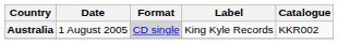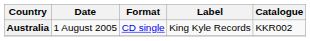 <table class="wikitable plainrowheaders">
 <tr>
 <th scope="col">Country</th>
 <th scope="col">Date</th>
 <th scope="col">Format</th>
 <th scope="col">Label</th>
 <th scope="col">Catalogue</th>
 </tr>
 <tr>
 <th scope="row">Australia</th>
 <td>1 August 2005</td>
-<td style="background: lightgrey;"><a href='#'>CD single</a></td>
+<td><a href='#'>CD single</a></td>
 <td>King Kyle Records</td>
 <td>KKR002</td>
 </tr>
 <tr>
 </tr>
 </table>
